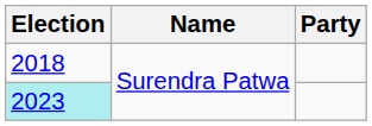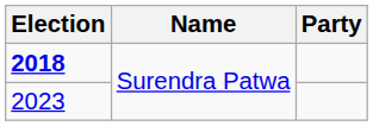 <table class="wikitable sortable">
 <tr>
 <th>Election</th>
 <th>Name</th>
 <th colspan=2>Party</th>
 </tr>
 <tr>
-<td><a href='#'>2018</a></td>
+<td><strong><a href='#'>2018</a></strong></td>
 <td rowspan="2"><a href='#'>Surendra Patwa</a></td>
 <td></td>
 </tr>
 <tr>
-<td style="background: paleturquoise;"><a href='#'>2023</a></td>
+<td><a href='#'>2023</a></td>
 </tr>
 </table>
